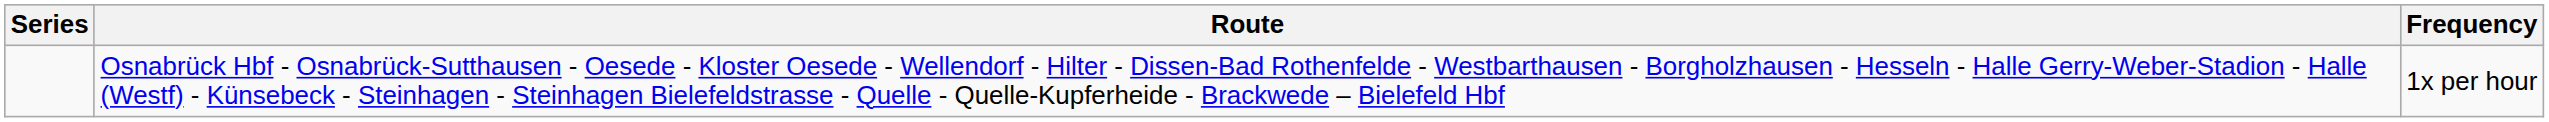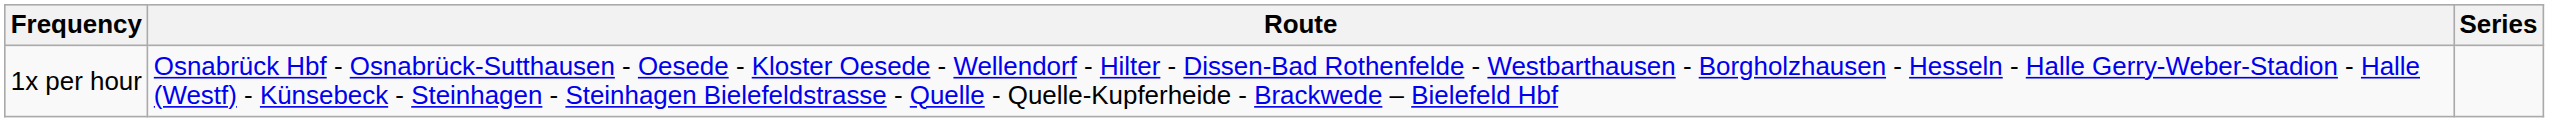 <table class="wikitable vatop">
 <tr>
+<th>Frequency</th>
+<th>Route</th>
 <th>Series</th>
-<th>Route</th>
-<th>Frequency</th>
 </tr>
 <tr>
+<td>1x per hour</td>
+<td><a href='#'>Osnabrück Hbf</a> - <a href='#'>Osnabrück-Sutthausen</a> - <a href='#'>Oesede</a> - <a href='#'>Kloster Oesede</a> - <a href='#'>Wellendorf</a> - <a href='#'>Hilter</a> - <a href='#'>Dissen-Bad Rothenfelde</a> - <a href='#'>Westbarthausen</a> - <a href='#'>Borgholzhausen</a> - <a href='#'>Hesseln</a> - <a href='#'>Halle Gerry-Weber-Stadion</a> - <a href='#'>Halle (Westf)</a> - <a href='#'>Künsebeck</a> - <a href='#'>Steinhagen</a> - <a href='#'>Steinhagen Bielefeldstrasse</a> - <a href='#'>Quelle</a> - Quelle-Kupferheide - <a href='#'>Brackwede</a> – <a href='#'>Bielefeld Hbf</a></td>
 <td></td>
-<td><a href='#'>Osnabrück Hbf</a> - <a href='#'>Osnabrück-Sutthausen</a> - <a href='#'>Oesede</a> - <a href='#'>Kloster Oesede</a> - <a href='#'>Wellendorf</a> - <a href='#'>Hilter</a> - <a href='#'>Dissen-Bad Rothenfelde</a> - <a href='#'>Westbarthausen</a> - <a href='#'>Borgholzhausen</a> - <a href='#'>Hesseln</a> - <a href='#'>Halle Gerry-Weber-Stadion</a> - <a href='#'>Halle (Westf)</a> - <a href='#'>Künsebeck</a> - <a href='#'>Steinhagen</a> - <a href='#'>Steinhagen Bielefeldstrasse</a> - <a href='#'>Quelle</a> - Quelle-Kupferheide - <a href='#'>Brackwede</a> – <a href='#'>Bielefeld Hbf</a></td>
-<td>1x per hour</td>
 </tr>
 </table>
